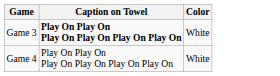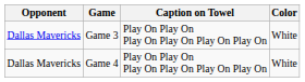 <table class="wikitable">
 <tr>
+<th>Opponent</th>
 <th>Game</th>
 <th>Caption on Towel</th>
 <th>Color</th>
 </tr>
 <tr>
+<td><a href='#'>Dallas Mavericks</a></td>
 <td>Game 3</td>
-<td><strong>Play On Play On<br>Play On Play On Play On Play On</strong></td>
+<td>Play On Play On<br>Play On Play On Play On Play On</td>
 <td>White</td>
 </tr>
 <tr>
+<td>Dallas Mavericks</td>
 <td>Game 4</td>
 <td>Play On Play On<br>Play On Play On Play On Play On</td>
 <td>White</td>
 </tr>
 </table>
